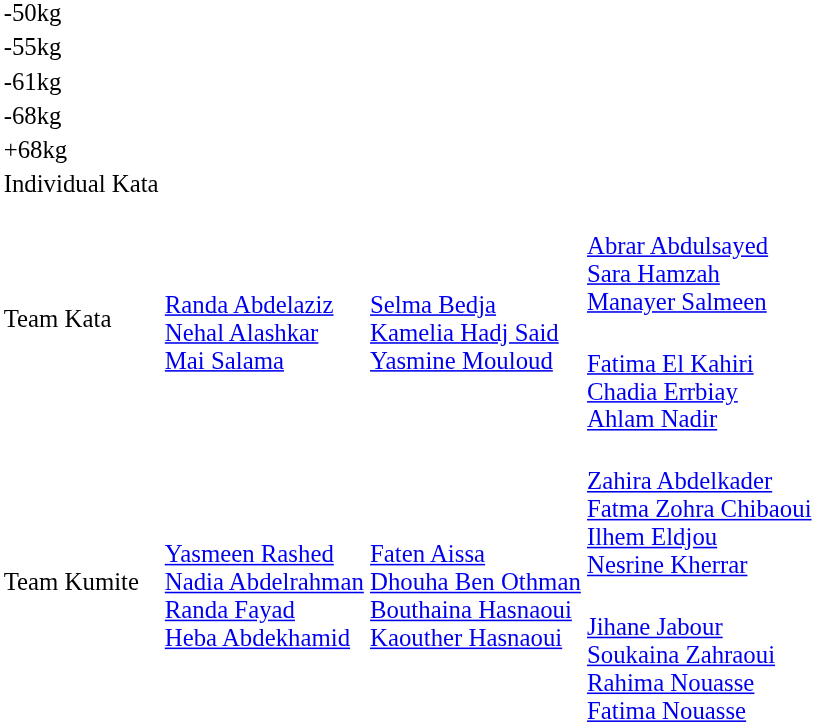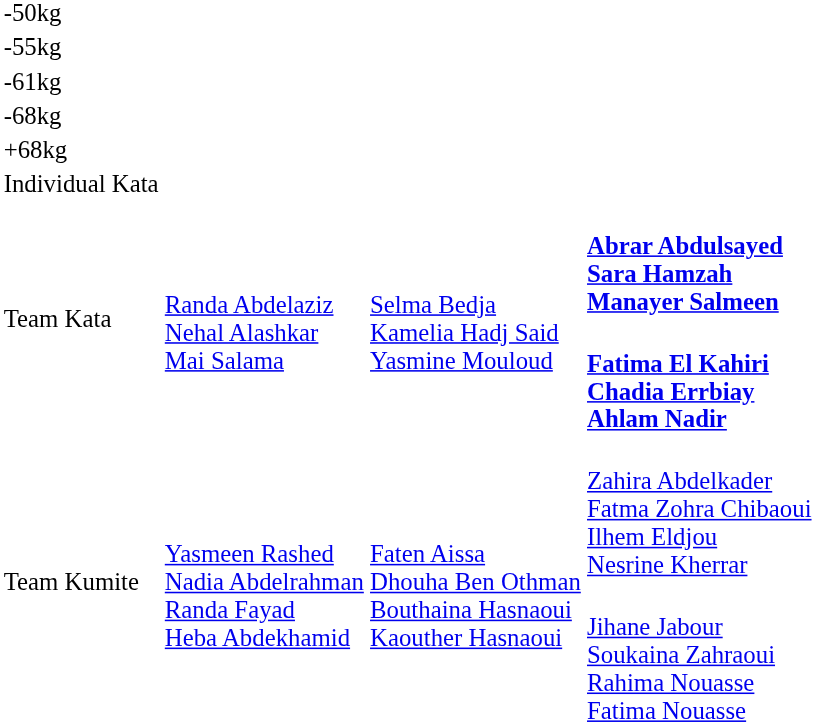 <table>
 <tr>
 <td rowspan=2>-50kg</td>
 <td rowspan=2></td>
 <td rowspan=2></td>
 <td></td>
 </tr>
 <tr>
 <td></td>
 </tr>
 <tr>
 <td rowspan=2>-55kg</td>
 <td rowspan=2></td>
 <td rowspan=2></td>
 <td></td>
 </tr>
 <tr>
 <td></td>
 </tr>
 <tr>
 <td rowspan=2>-61kg</td>
 <td rowspan=2></td>
 <td rowspan=2></td>
 <td></td>
 </tr>
 <tr>
 <td></td>
 </tr>
 <tr>
 <td rowspan=2>-68kg</td>
 <td rowspan=2></td>
 <td rowspan=2></td>
 <td></td>
 </tr>
 <tr>
 <td></td>
 </tr>
 <tr>
 <td rowspan=2>+68kg</td>
 <td rowspan=2></td>
 <td rowspan=2></td>
 <td></td>
 </tr>
 <tr>
 <td></td>
 </tr>
 <tr>
 <td rowspan=2>Individual Kata</td>
 <td rowspan=2></td>
 <td rowspan=2></td>
 <td></td>
 </tr>
 <tr>
 <td></td>
 </tr>
 <tr>
 <td rowspan=2>Team Kata</td>
 <td rowspan=2><br><a href='#'>Randa Abdelaziz</a><br><a href='#'>Nehal Alashkar</a><br><a href='#'>Mai Salama</a></td>
 <td rowspan=2><br><a href='#'>Selma Bedja</a><br><a href='#'>Kamelia Hadj Said</a><br><a href='#'>Yasmine Mouloud</a></td>
-<td><br><a href='#'>Abrar Abdulsayed</a><br><a href='#'>Sara Hamzah</a><br><a href='#'>Manayer Salmeen</a></td>
+<td><strong><br><a href='#'>Abrar Abdulsayed</a><br><a href='#'>Sara Hamzah</a><br><a href='#'>Manayer Salmeen</a></strong></td>
 </tr>
 <tr>
-<td><br><a href='#'>Fatima El Kahiri</a><br><a href='#'>Chadia Errbiay</a><br><a href='#'>Ahlam Nadir</a></td>
+<td><strong><br><a href='#'>Fatima El Kahiri</a><br><a href='#'>Chadia Errbiay</a><br><a href='#'>Ahlam Nadir</a></strong></td>
 </tr>
 <tr>
 <td rowspan=2>Team Kumite</td>
 <td rowspan=2><br><a href='#'>Yasmeen Rashed</a><br><a href='#'>Nadia Abdelrahman</a><br><a href='#'>Randa Fayad</a><br><a href='#'>Heba Abdekhamid</a></td>
 <td rowspan=2><br><a href='#'>Faten Aissa</a><br><a href='#'>Dhouha Ben Othman</a><br><a href='#'>Bouthaina Hasnaoui</a><br><a href='#'>Kaouther Hasnaoui</a></td>
 <td><br><a href='#'>Zahira Abdelkader</a><br><a href='#'>Fatma Zohra Chibaoui</a><br><a href='#'>Ilhem Eldjou</a><br><a href='#'>Nesrine Kherrar</a></td>
 </tr>
 <tr>
 <td><br><a href='#'>Jihane Jabour</a><br><a href='#'>Soukaina Zahraoui</a><br><a href='#'>Rahima Nouasse</a><br><a href='#'>Fatima Nouasse</a></td>
 </tr>
 </table>
